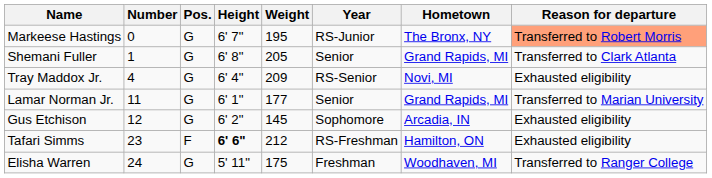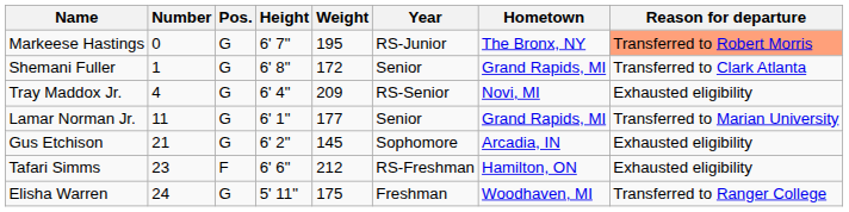 <table class="wikitable sortable sortable" border="1">
 <tr align=center>
 <th>Name</th>
 <th>Number</th>
 <th>Pos.</th>
 <th>Height</th>
 <th>Weight</th>
 <th>Year</th>
 <th>Hometown</th>
 <th>Reason for departure</th>
 </tr>
 <tr>
 <td>Markeese Hastings</td>
 <td>0</td>
 <td>G</td>
 <td>6' 7"</td>
 <td>195</td>
 <td>RS-Junior</td>
 <td><a href='#'>The Bronx, NY</a></td>
 <td style="background: lightsalmon;">Transferred to <a href='#'>Robert Morris</a></td>
 </tr>
 <tr>
 <td>Shemani Fuller</td>
 <td>1</td>
 <td>G</td>
 <td>6' 8"</td>
-<td>205</td>
+<td>172</td>
 <td>Senior</td>
 <td><a href='#'>Grand Rapids, MI</a></td>
 <td>Transferred to <a href='#'>Clark Atlanta</a></td>
 </tr>
 <tr>
 <td>Tray Maddox Jr.</td>
 <td>4</td>
 <td>G</td>
 <td>6' 4"</td>
 <td>209</td>
 <td>RS-Senior</td>
 <td><a href='#'>Novi, MI</a></td>
 <td>Exhausted eligibility</td>
 </tr>
 <tr>
 <td>Lamar Norman Jr.</td>
 <td>11</td>
 <td>G</td>
 <td>6' 1"</td>
 <td>177</td>
 <td>Senior</td>
 <td><a href='#'>Grand Rapids, MI</a></td>
 <td>Transferred to <a href='#'>Marian University</a></td>
 </tr>
 <tr>
 <td>Gus Etchison</td>
-<td>12</td>
+<td>21</td>
 <td>G</td>
 <td>6' 2"</td>
 <td>145</td>
 <td>Sophomore</td>
 <td><a href='#'>Arcadia, IN</a></td>
 <td>Exhausted eligibility</td>
 </tr>
 <tr>
 <td>Tafari Simms</td>
 <td>23</td>
 <td>F</td>
-<td><strong>6' 6"</strong></td>
+<td>6' 6"</td>
 <td>212</td>
 <td>RS-Freshman</td>
 <td><a href='#'>Hamilton, ON</a></td>
 <td>Exhausted eligibility</td>
 </tr>
 <tr>
 <td>Elisha Warren</td>
 <td>24</td>
 <td>G</td>
 <td>5' 11"</td>
 <td>175</td>
 <td>Freshman</td>
 <td><a href='#'>Woodhaven, MI</a></td>
 <td>Transferred to <a href='#'>Ranger College</a></td>
 </tr>
 </table>
